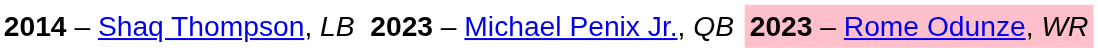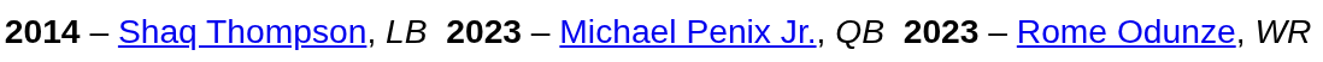 <table cellpadding="3" style="font-size:.9em">
 <tr>
 </tr>
 <tr>
 </tr>
 <tr style="vertical-align:top;">
 <td><strong>2014</strong> – <a href='#'>Shaq Thompson</a>, <em>LB</em><br></td>
 <td><strong>2023</strong> – <a href='#'>Michael Penix Jr.</a>, <em>QB</em><br></td>
-<td style="background: pink;"><strong>2023</strong> – <a href='#'>Rome Odunze</a>, <em>WR</em><br></td>
+<td><strong>2023</strong> – <a href='#'>Rome Odunze</a>, <em>WR</em><br></td>
 </tr>
 </table>
